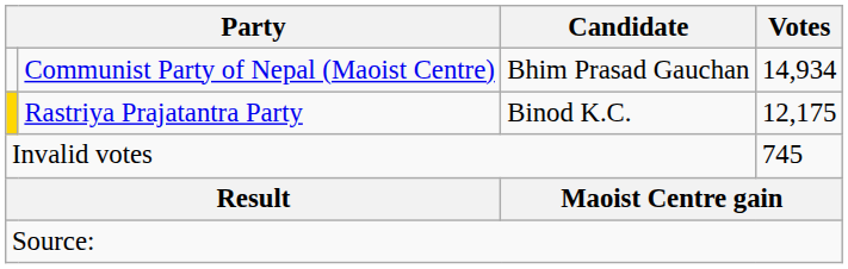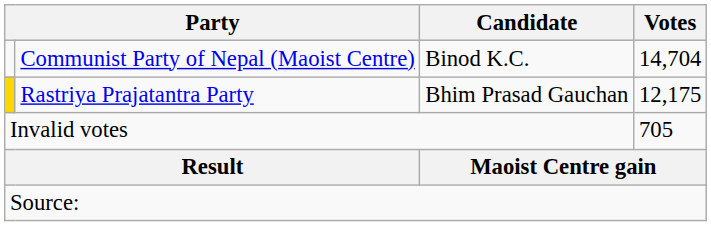 <table class="wikitable">
 <tr>
 <th colspan="2">Party</th>
 <th>Candidate</th>
 <th>Votes</th>
 </tr>
 <tr>
 <td style="background-color:"></td>
 <td><a href='#'>Communist Party of Nepal (Maoist Centre)</a></td>
-<td>Bhim Prasad Gauchan</td>
-<td>14,934</td>
+<td>Binod K.C.</td>
+<td>14,704</td>
 </tr>
 <tr>
 <td style="background-color:gold"></td>
 <td><a href='#'>Rastriya Prajatantra Party</a></td>
-<td>Binod K.C.</td>
+<td>Bhim Prasad Gauchan</td>
 <td>12,175</td>
 </tr>
 <tr>
 <td colspan="3">Invalid votes</td>
-<td>745</td>
+<td>705</td>
 </tr>
 <tr>
 <th colspan="2">Result</th>
 <th colspan="2">Maoist Centre gain</th>
 </tr>
 <tr>
 <td colspan="4">Source: </td>
 </tr>
 </table>
